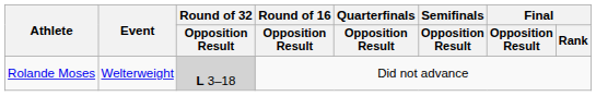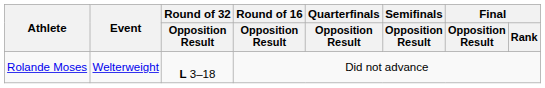 <table class="wikitable" style="font-size:90%">
 <tr>
 <th rowspan="2">Athlete</th>
 <th rowspan="2">Event</th>
 <th>Round of 32</th>
 <th>Round of 16</th>
 <th>Quarterfinals</th>
 <th>Semifinals</th>
 <th colspan=2>Final</th>
 </tr>
 <tr style="font-size:95%">
 <th>Opposition<br>Result</th>
 <th>Opposition<br>Result</th>
 <th>Opposition<br>Result</th>
 <th>Opposition<br>Result</th>
 <th>Opposition<br>Result</th>
 <th>Rank</th>
 </tr>
 <tr align=center>
 <td align=left><a href='#'>Rolande Moses</a></td>
 <td align=left><a href='#'>Welterweight</a></td>
-<td style="background: lightgrey;"><br><strong>L</strong> 3–18</td>
+<td><br><strong>L</strong> 3–18</td>
 <td colspan=5>Did not advance</td>
 </tr>
 </table>
